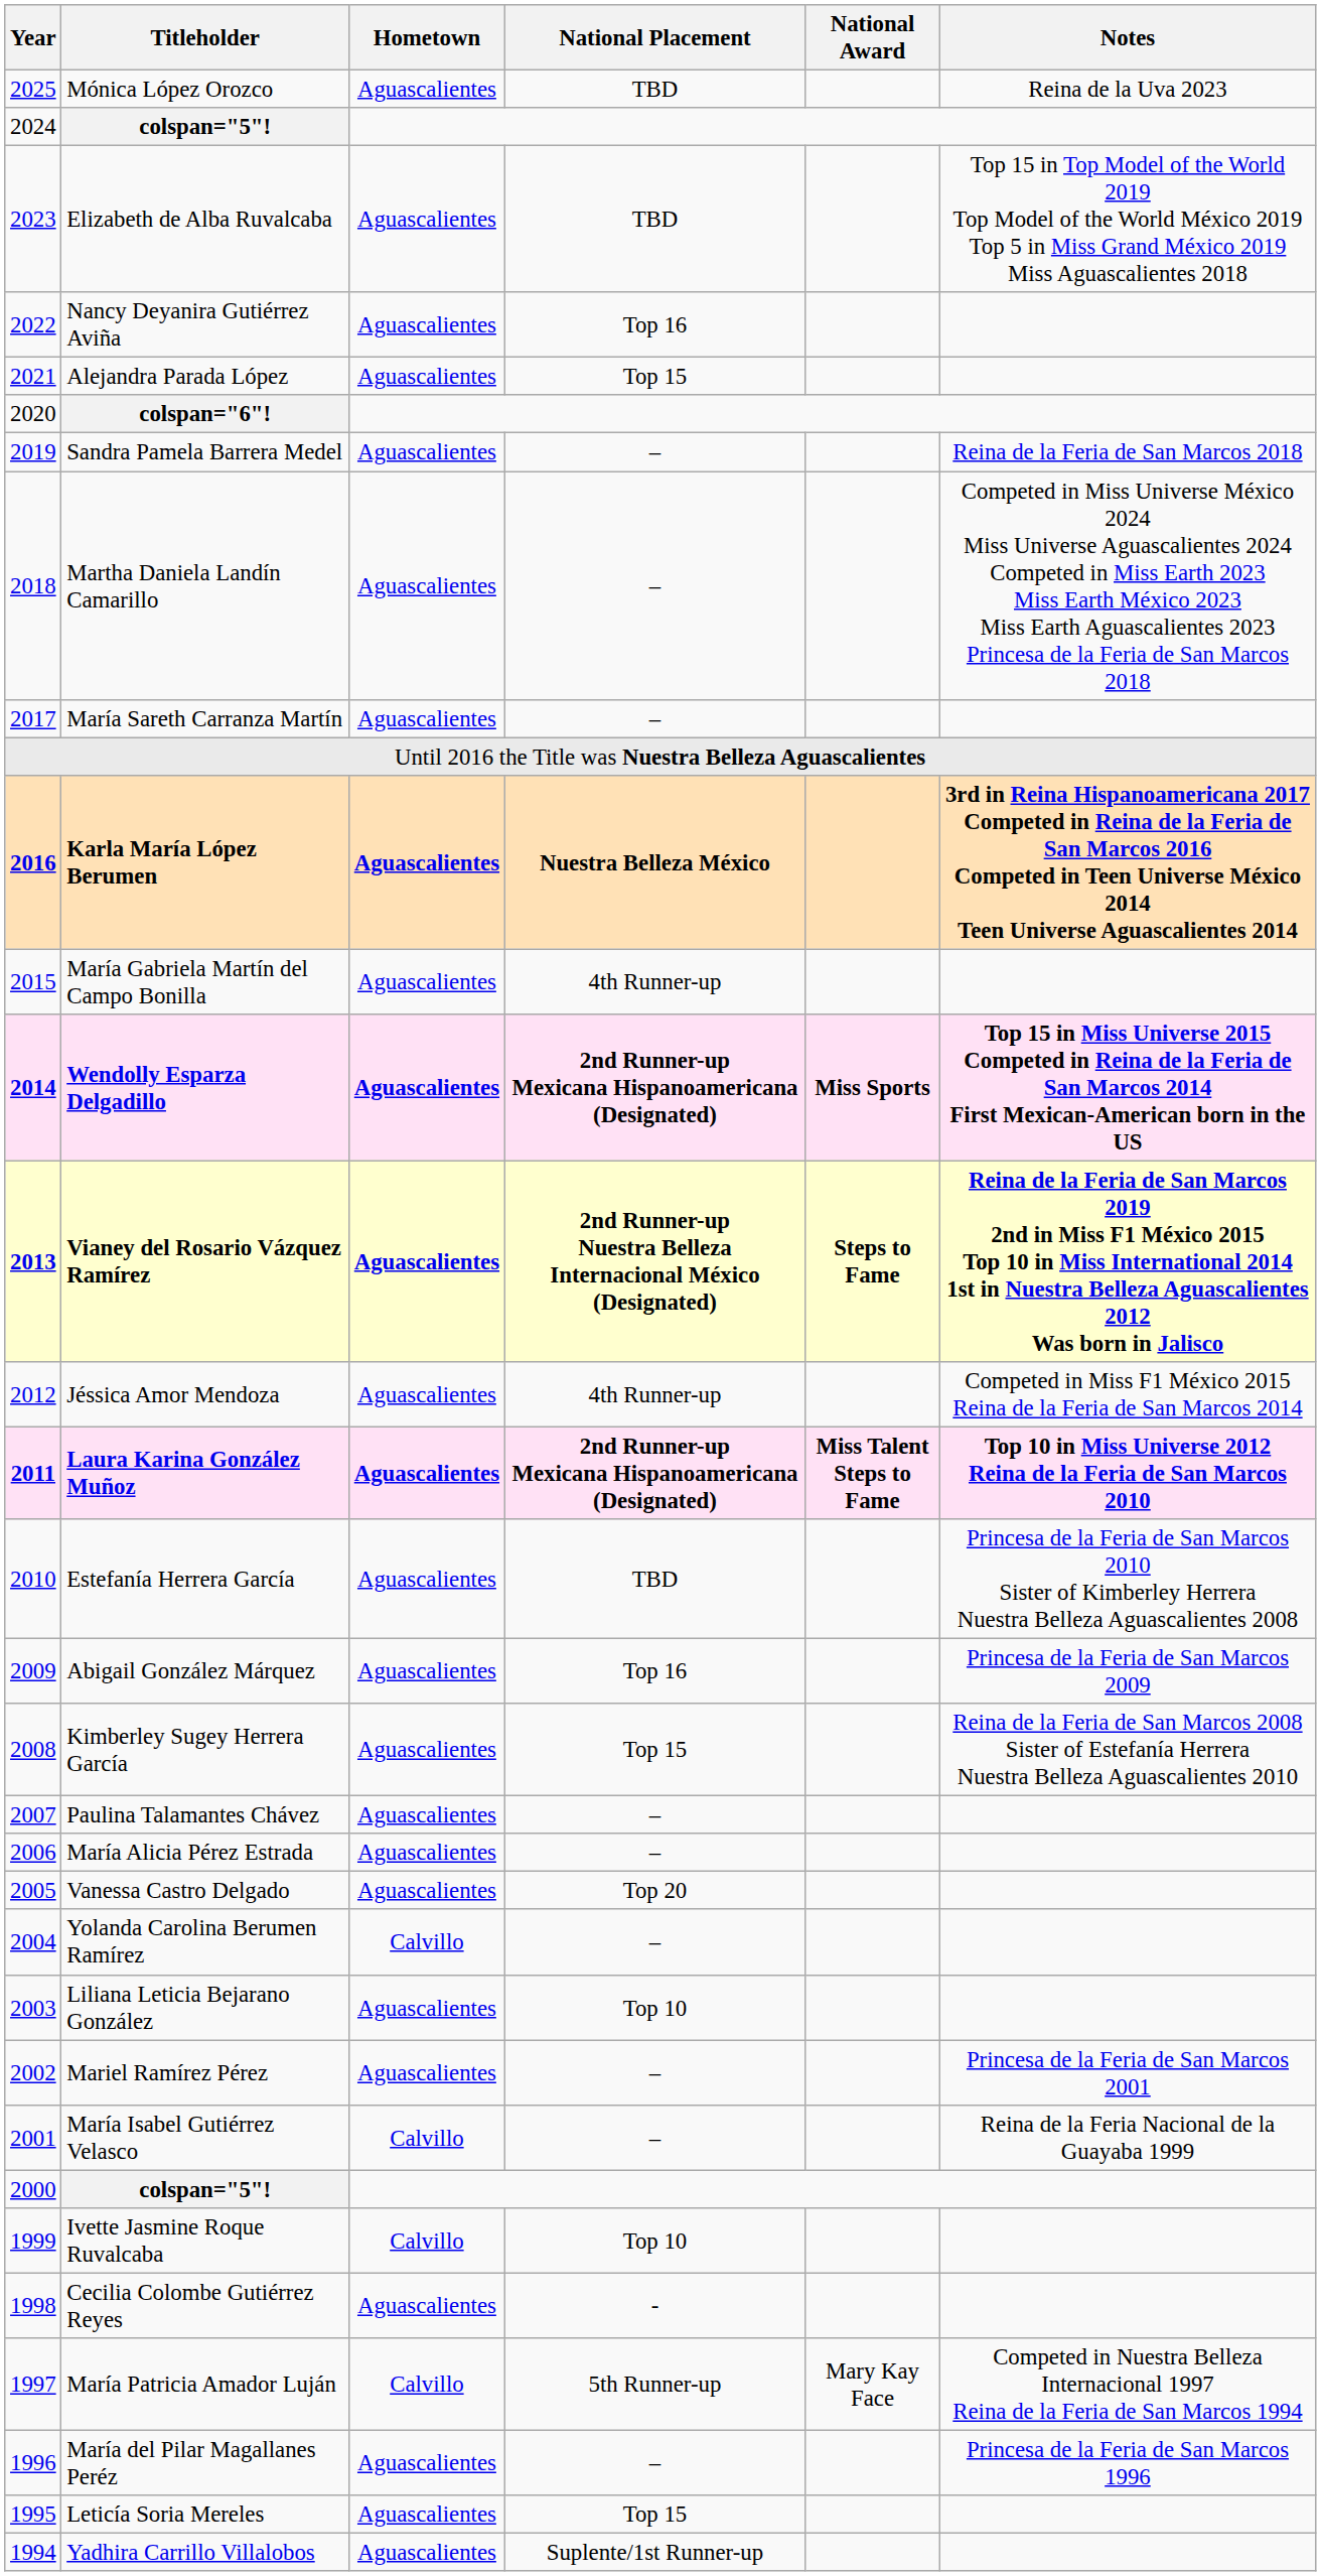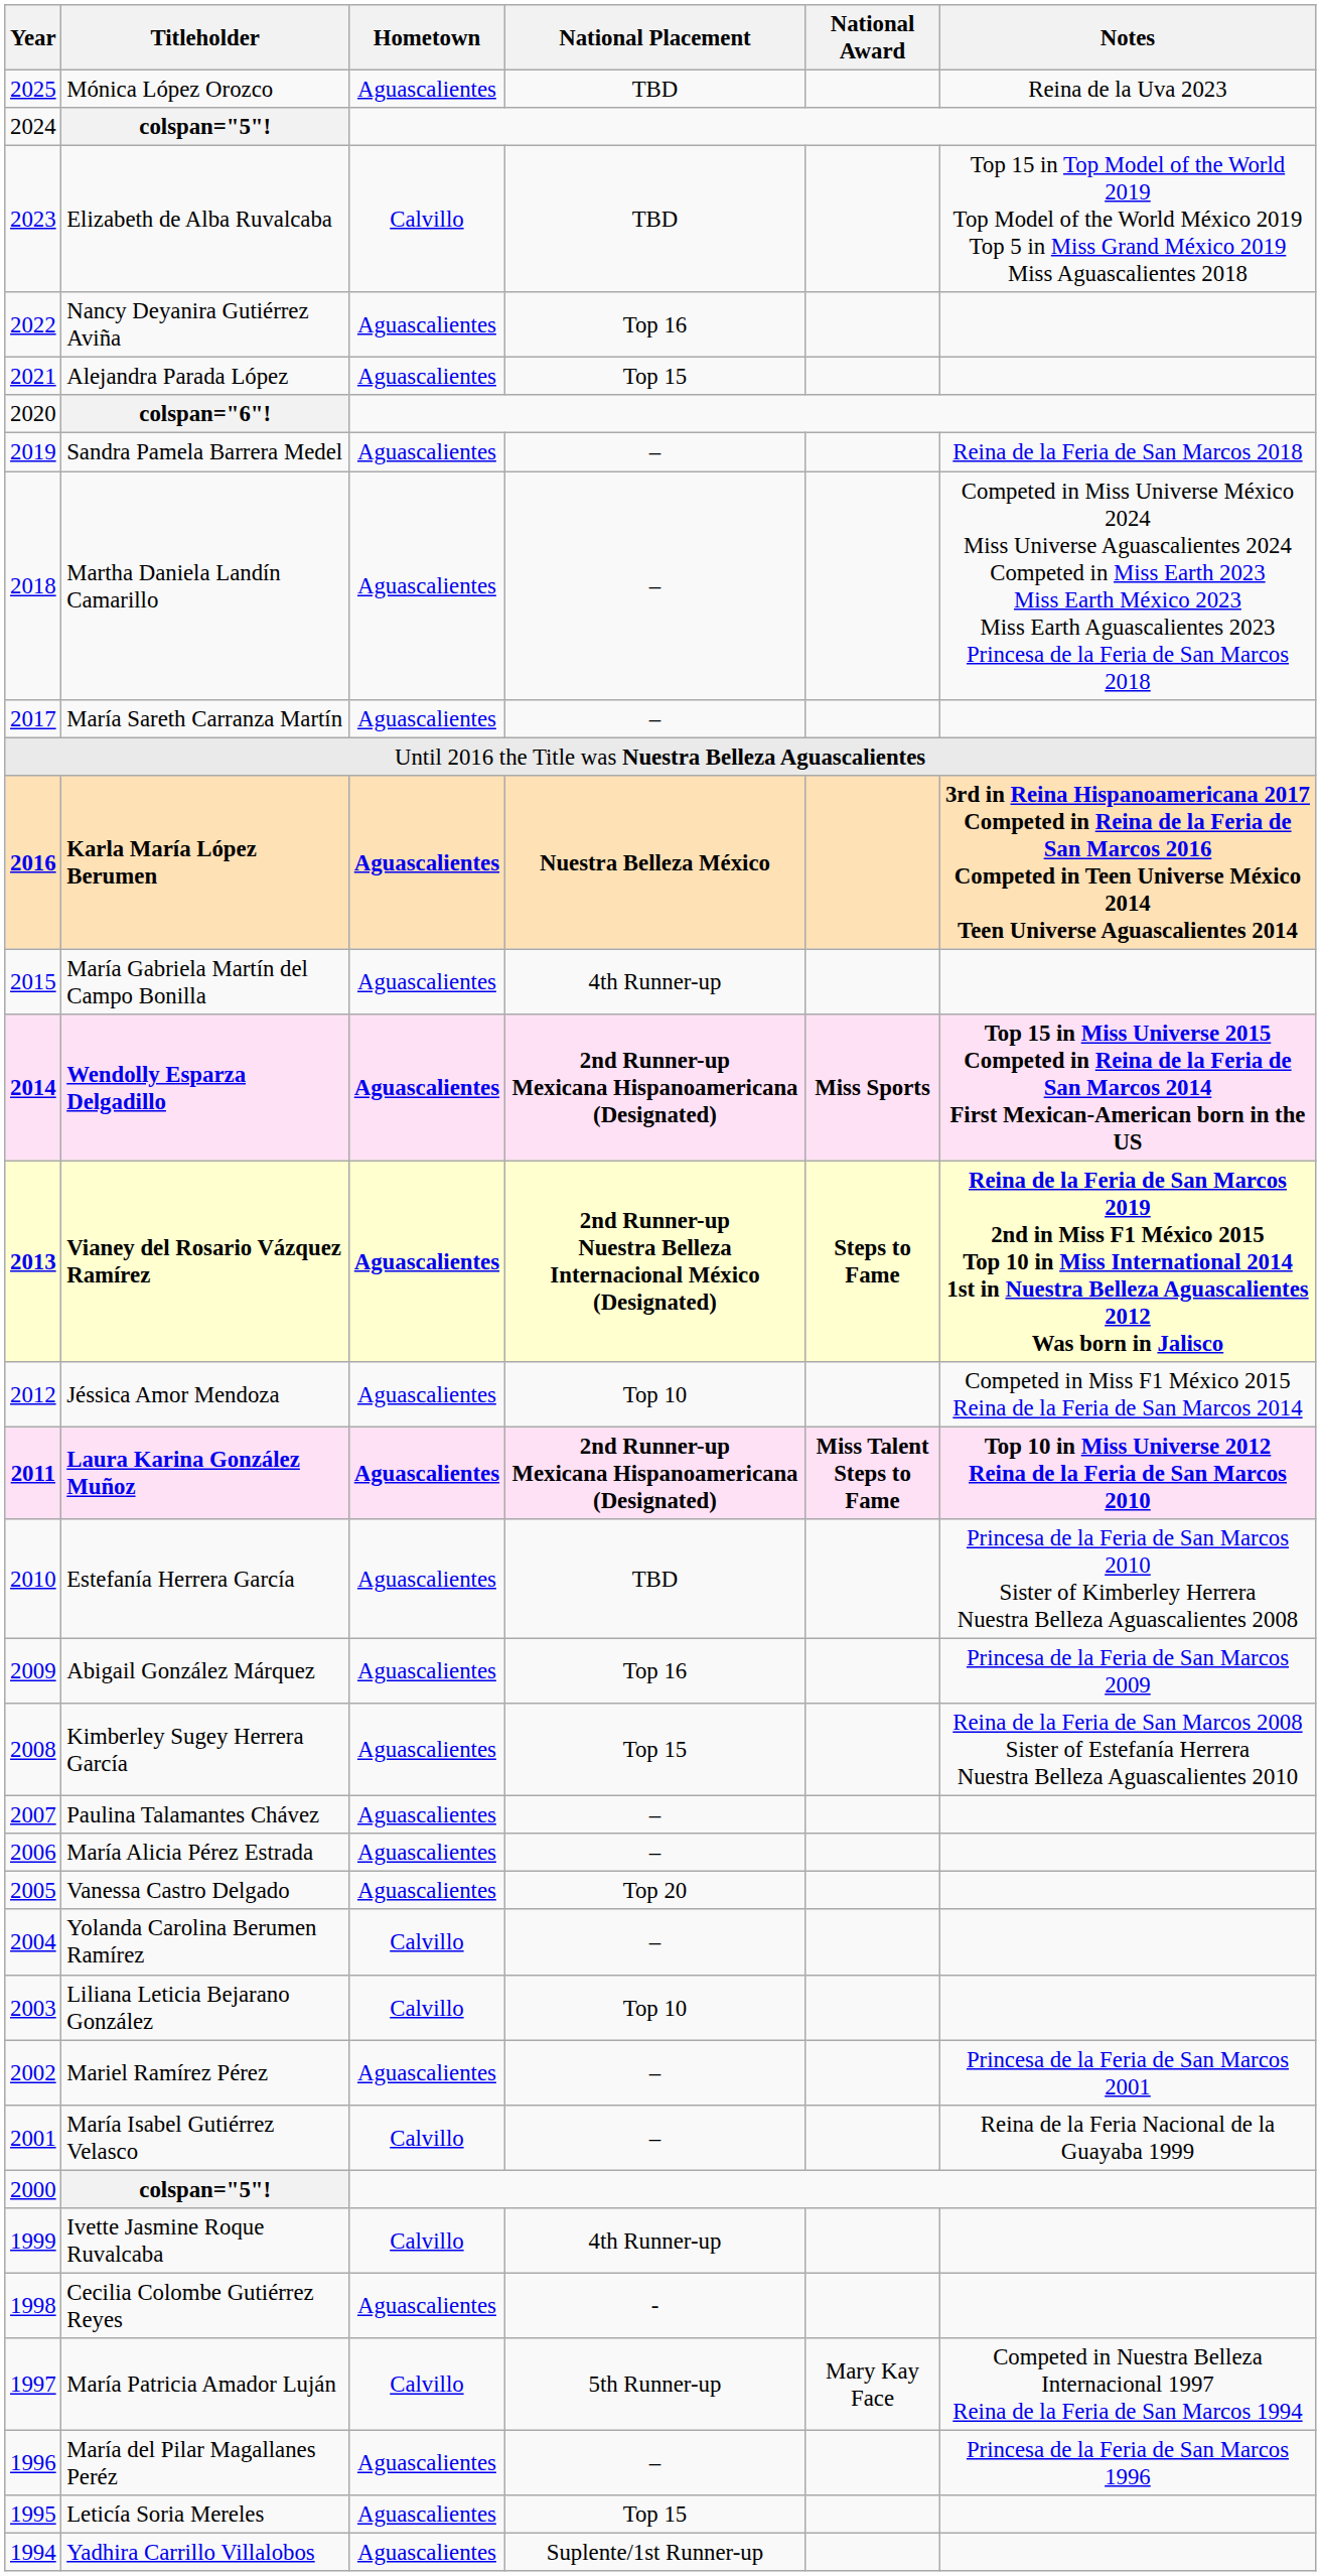 <table class="wikitable sortable" style="font-size:95%;">
 <tr>
 <th>Year</th>
 <th>Titleholder</th>
 <th>Hometown</th>
 <th>National Placement</th>
 <th>National Award</th>
 <th>Notes</th>
 </tr>
 <tr>
 <td align="center"><a href='#'>2025</a></td>
 <td>Mónica López Orozco</td>
 <td align="center"><a href='#'>Aguascalientes</a></td>
 <td align="center">TBD</td>
 <td align="center"></td>
 <td align="center">Reina de la Uva 2023</td>
 </tr>
 <tr>
 <td align="center">2024</td>
 <th>colspan="5"!</th>
 </tr>
 <tr>
 <td align="center"><a href='#'>2023</a></td>
 <td>Elizabeth de Alba Ruvalcaba</td>
-<td align="center"><a href='#'>Aguascalientes</a></td>
+<td align="center"><a href='#'>Calvillo</a></td>
 <td align="center">TBD</td>
 <td align="center"></td>
 <td align="center">Top 15 in <a href='#'>Top Model of the World 2019</a><br>Top Model of the World México 2019<br>Top 5 in <a href='#'>Miss Grand México 2019</a><br>Miss Aguascalientes 2018</td>
 </tr>
 <tr>
 <td align="center"><a href='#'>2022</a></td>
 <td>Nancy Deyanira Gutiérrez Aviña</td>
 <td align="center"><a href='#'>Aguascalientes</a></td>
 <td align="center">Top 16</td>
 <td align="center"></td>
 </tr>
 <tr>
 <td align="center"><a href='#'>2021</a></td>
 <td>Alejandra Parada López</td>
 <td align="center"><a href='#'>Aguascalientes</a></td>
 <td align="center">Top 15</td>
 <td align="center"></td>
 <td align="center"></td>
 </tr>
 <tr>
 <td align="center">2020</td>
 <th>colspan="6"!</th>
 </tr>
 <tr>
 <td align="center"><a href='#'>2019</a></td>
 <td>Sandra Pamela Barrera Medel</td>
 <td align="center"><a href='#'>Aguascalientes</a></td>
 <td align="center">–</td>
 <td align="center"></td>
 <td align="center"><a href='#'>Reina de la Feria de San Marcos 2018</a></td>
 </tr>
 <tr>
 <td align="center"><a href='#'>2018</a></td>
 <td>Martha Daniela Landín Camarillo</td>
 <td align="center"><a href='#'>Aguascalientes</a></td>
 <td align="center">–</td>
 <td align="center"></td>
 <td align="center">Competed in Miss Universe México 2024<br>Miss Universe Aguascalientes 2024<br>Competed in <a href='#'>Miss Earth 2023</a><br><a href='#'>Miss Earth México 2023</a><br>Miss Earth Aguascalientes 2023<br><a href='#'>Princesa de la Feria de San Marcos 2018</a></td>
 </tr>
 <tr>
 <td align="center"><a href='#'>2017</a></td>
 <td>María Sareth Carranza Martín</td>
 <td align="center"><a href='#'>Aguascalientes</a></td>
 <td align="center">–</td>
 <td align="center"></td>
 <td align="center"></td>
 </tr>
 <tr>
 <td colspan="7" bgcolor="#EAEAEA" style="text-align:center;">Until 2016 the Title was <strong>Nuestra Belleza Aguascalientes</strong></td>
 </tr>
 <tr bgcolor="#FFE1B6">
 <td align="center"><strong><a href='#'>2016</a></strong></td>
 <td><strong>Karla María López Berumen</strong></td>
 <td align="center"><strong><a href='#'>Aguascalientes</a></strong></td>
 <td align="center"><strong>Nuestra Belleza México</strong></td>
 <td align="center"></td>
 <td align="center"><strong>3rd in <a href='#'>Reina Hispanoamericana 2017</a><br>Competed in <a href='#'>Reina de la Feria de San Marcos 2016</a><br>Competed in Teen Universe México 2014<br>Teen Universe Aguascalientes 2014</strong></td>
 </tr>
 <tr>
 <td align="center"><a href='#'>2015</a></td>
 <td>María Gabriela Martín del Campo Bonilla</td>
 <td align="center"><a href='#'>Aguascalientes</a></td>
 <td align="center">4th Runner-up</td>
 <td align="center"></td>
 <td align="center"></td>
 </tr>
 <tr bgcolor="#FFE1F5">
 <td align="center"><strong><a href='#'>2014</a></strong></td>
 <td><strong><a href='#'>Wendolly Esparza Delgadillo</a></strong></td>
 <td align="center"><strong><a href='#'>Aguascalientes</a></strong></td>
 <td align="center"><strong>2nd Runner-up<br>Mexicana Hispanoamericana<br>(Designated)</strong></td>
 <td align="center"><strong>Miss Sports</strong></td>
 <td align="center"><strong>Top 15 in <a href='#'>Miss Universe 2015</a><br>Competed in <a href='#'>Reina de la Feria de San Marcos 2014</a><br>First Mexican-American born in the US</strong></td>
 </tr>
 <tr bgcolor="#FFFFCF">
 <td align="center"><strong><a href='#'>2013</a></strong></td>
 <td><strong>Vianey del Rosario Vázquez Ramírez</strong></td>
 <td align="center"><strong><a href='#'>Aguascalientes</a></strong></td>
 <td align="center"><strong>2nd Runner-up<br>Nuestra Belleza Internacional México<br>(Designated)</strong></td>
 <td align="center"><strong>Steps to Fame</strong></td>
 <td align="center"><strong><a href='#'>Reina de la Feria de San Marcos 2019</a><br>2nd in Miss F1 México 2015<br>Top 10 in <a href='#'>Miss International 2014</a><br>1st in <a href='#'>Nuestra Belleza Aguascalientes 2012</a><br>Was born in <a href='#'>Jalisco</a></strong></td>
 </tr>
 <tr>
 <td align="center"><a href='#'>2012</a></td>
 <td>Jéssica Amor Mendoza</td>
 <td align="center"><a href='#'>Aguascalientes</a></td>
-<td align="center">4th Runner-up</td>
+<td align="center">Top 10</td>
 <td align="center"></td>
 <td align="center">Competed in Miss F1 México 2015<br><a href='#'>Reina de la Feria de San Marcos 2014</a></td>
 </tr>
 <tr bgcolor="#FFE1F5">
 <td align="center"><strong><a href='#'>2011</a></strong></td>
 <td><strong><a href='#'>Laura Karina González Muñoz</a></strong></td>
 <td align="center"><strong><a href='#'>Aguascalientes</a></strong></td>
 <td align="center"><strong>2nd Runner-up<br>Mexicana Hispanoamericana<br>(Designated)</strong></td>
 <td align="center"><strong>Miss Talent</strong><br><strong>Steps to Fame</strong></td>
 <td align="center"><strong>Top 10 in <a href='#'>Miss Universe 2012</a><br><a href='#'>Reina de la Feria de San Marcos 2010</a></strong></td>
 </tr>
 <tr>
 <td align="center"><a href='#'>2010</a></td>
 <td>Estefanía Herrera García</td>
 <td align="center"><a href='#'>Aguascalientes</a></td>
 <td align="center">TBD</td>
 <td align="center"></td>
 <td align="center"><a href='#'>Princesa de la Feria de San Marcos 2010</a><br>Sister of Kimberley Herrera<br>Nuestra Belleza Aguascalientes 2008</td>
 </tr>
 <tr>
 <td align="center"><a href='#'>2009</a></td>
 <td>Abigail González Márquez</td>
 <td align="center"><a href='#'>Aguascalientes</a></td>
 <td align="center">Top 16</td>
 <td align="center"></td>
 <td align="center"><a href='#'>Princesa de la Feria de San Marcos 2009</a></td>
 </tr>
 <tr>
 <td align="center"><a href='#'>2008</a></td>
 <td>Kimberley Sugey Herrera García</td>
 <td align="center"><a href='#'>Aguascalientes</a></td>
 <td align="center">Top 15</td>
 <td align="center"></td>
 <td align="center"><a href='#'>Reina de la Feria de San Marcos 2008</a><br>Sister of Estefanía Herrera<br>Nuestra Belleza Aguascalientes 2010</td>
 </tr>
 <tr>
 <td align="center"><a href='#'>2007</a></td>
 <td>Paulina Talamantes Chávez</td>
 <td align="center"><a href='#'>Aguascalientes</a></td>
 <td align="center">–</td>
 <td align="center"></td>
 <td align="center"></td>
 </tr>
 <tr>
 <td align="center"><a href='#'>2006</a></td>
 <td>María Alicia Pérez Estrada</td>
 <td align="center"><a href='#'>Aguascalientes</a></td>
 <td align="center">–</td>
 <td align="center"></td>
 <td align="center"></td>
 </tr>
 <tr>
 <td align="center"><a href='#'>2005</a></td>
 <td>Vanessa Castro Delgado</td>
 <td align="center"><a href='#'>Aguascalientes</a></td>
 <td align="center">Top 20</td>
 <td align="center"></td>
 <td align="center"></td>
 </tr>
 <tr>
 <td align="center"><a href='#'>2004</a></td>
 <td>Yolanda Carolina Berumen Ramírez</td>
 <td align="center"><a href='#'>Calvillo</a></td>
 <td align="center">–</td>
 <td align="center"></td>
 <td align="center"></td>
 </tr>
 <tr>
 <td align="center"><a href='#'>2003</a></td>
 <td>Liliana Leticia Bejarano González</td>
-<td align="center"><a href='#'>Aguascalientes</a></td>
+<td align="center"><a href='#'>Calvillo</a></td>
 <td align="center">Top 10</td>
 <td align="center"></td>
 <td align="center"></td>
 </tr>
 <tr>
 <td align="center"><a href='#'>2002</a></td>
 <td>Mariel Ramírez Pérez</td>
 <td align="center"><a href='#'>Aguascalientes</a></td>
 <td align="center">–</td>
 <td align="center"></td>
 <td align="center"><a href='#'>Princesa de la Feria de San Marcos 2001</a></td>
 </tr>
 <tr>
 <td align="center"><a href='#'>2001</a></td>
 <td>María Isabel Gutiérrez Velasco</td>
 <td align="center"><a href='#'>Calvillo</a></td>
 <td align="center">–</td>
 <td align="center"></td>
 <td align="center">Reina de la Feria Nacional de la Guayaba 1999</td>
 </tr>
 <tr>
 <td align="center"><a href='#'>2000</a></td>
 <th>colspan="5"!</th>
 </tr>
 <tr>
 <td align="center"><a href='#'>1999</a></td>
 <td>Ivette Jasmine Roque Ruvalcaba</td>
 <td align="center"><a href='#'>Calvillo</a></td>
-<td align="center">Top 10</td>
+<td align="center">4th Runner-up</td>
 <td align="center"></td>
 <td align="center"></td>
 </tr>
 <tr>
 <td align="center"><a href='#'>1998</a></td>
 <td>Cecilia Colombe Gutiérrez Reyes</td>
 <td align="center"><a href='#'>Aguascalientes</a></td>
 <td align="center">-</td>
 <td align="center"></td>
 <td align="center"></td>
 </tr>
 <tr>
 <td align="center"><a href='#'>1997</a></td>
 <td>María Patricia Amador Luján</td>
 <td align="center"><a href='#'>Calvillo</a></td>
 <td align="center">5th Runner-up</td>
 <td align="center">Mary Kay Face</td>
 <td align="center">Competed in Nuestra Belleza Internacional 1997<br><a href='#'>Reina de la Feria de San Marcos 1994</a></td>
 </tr>
 <tr>
 <td align="center"><a href='#'>1996</a></td>
 <td>María del Pilar Magallanes Peréz</td>
 <td align="center"><a href='#'>Aguascalientes</a></td>
 <td align="center">–</td>
 <td align="center"></td>
 <td align="center"><a href='#'>Princesa de la Feria de San Marcos 1996</a></td>
 </tr>
 <tr>
 <td align="center"><a href='#'>1995</a></td>
 <td>Leticía Soria Mereles</td>
 <td align="center"><a href='#'>Aguascalientes</a></td>
 <td align="center">Top 15</td>
 <td align="center"></td>
 <td align="center"></td>
 </tr>
 <tr>
 <td align="center"><a href='#'>1994</a></td>
 <td><a href='#'>Yadhira Carrillo Villalobos</a></td>
 <td align="center"><a href='#'>Aguascalientes</a></td>
 <td align="center">Suplente/1st Runner-up</td>
 <td align="center"></td>
 <td align="center"></td>
 </tr>
 </table>
